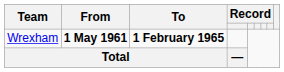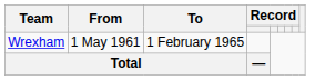 <table class="wikitable" style="text-align: center">
 <tr>
 <th rowspan=2>Team</th>
 <th rowspan=2>From</th>
 <th rowspan=2>To</th>
 <th colspan=5>Record</th>
 <th rowspan=2></th>
 </tr>
 <tr>
 <th></th>
 <th></th>
 <th></th>
 <th></th>
 <th></th>
 </tr>
 <tr>
 <td align=left><a href='#'>Wrexham</a></td>
-<td align=left><strong>1 May 1961</strong></td>
-<td align=left><strong>1 February 1965<br></strong></td>
+<td align=left>1 May 1961</td>
+<td align=left>1 February 1965<br></td>
 <td></td>
 </tr>
 <tr>
 <th colspan=3>Total<br></th>
 <th>—</th>
 </tr>
 </table>
